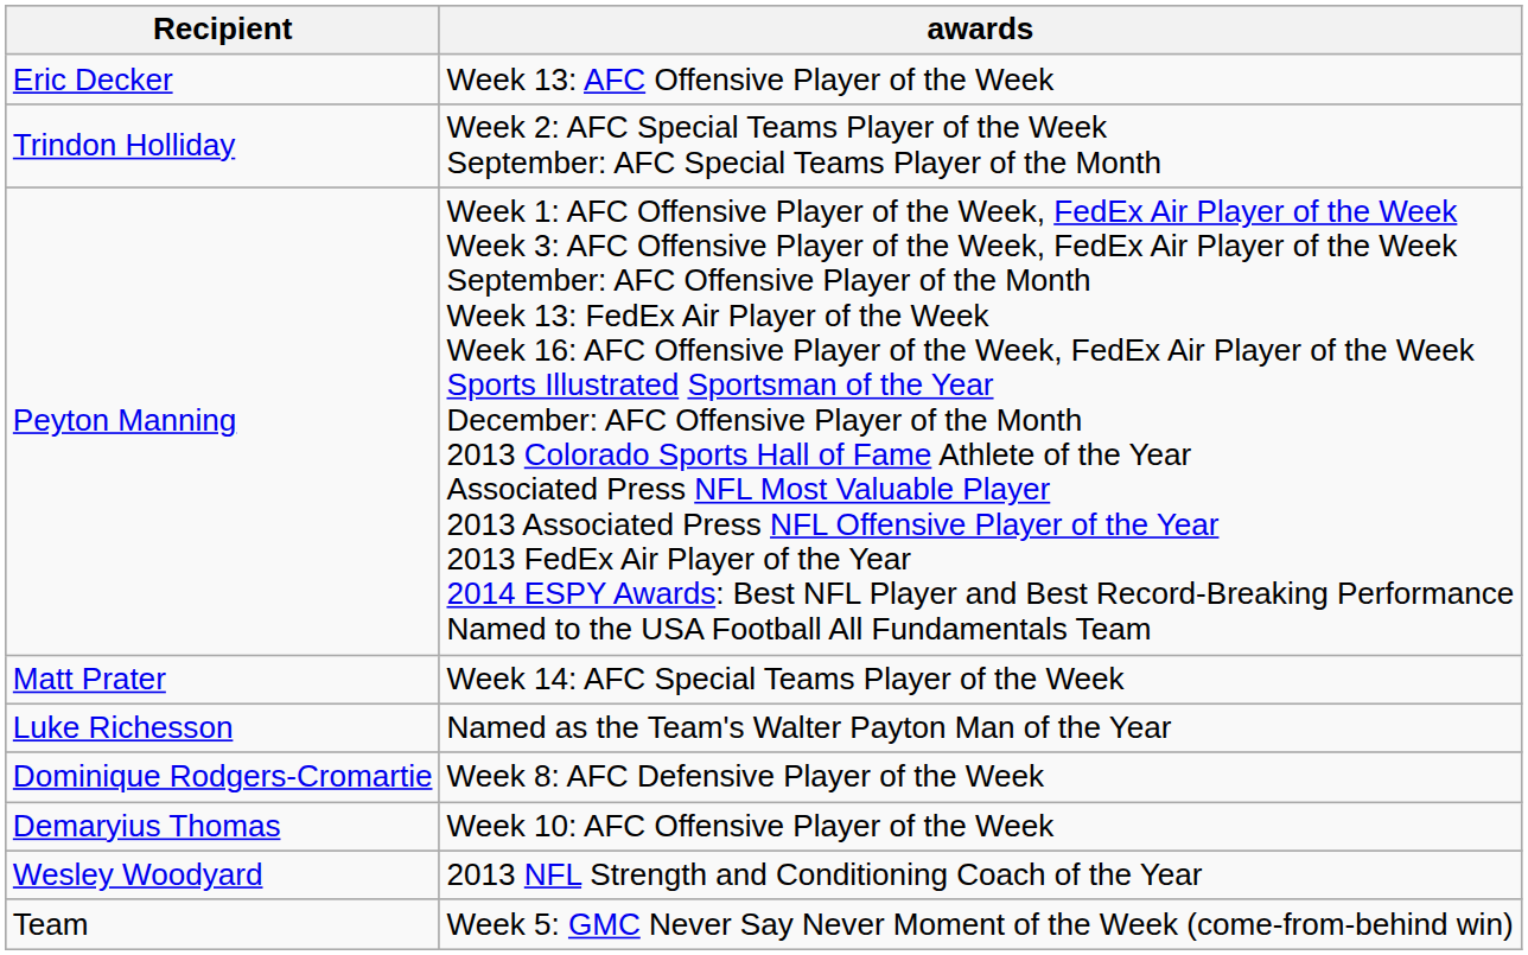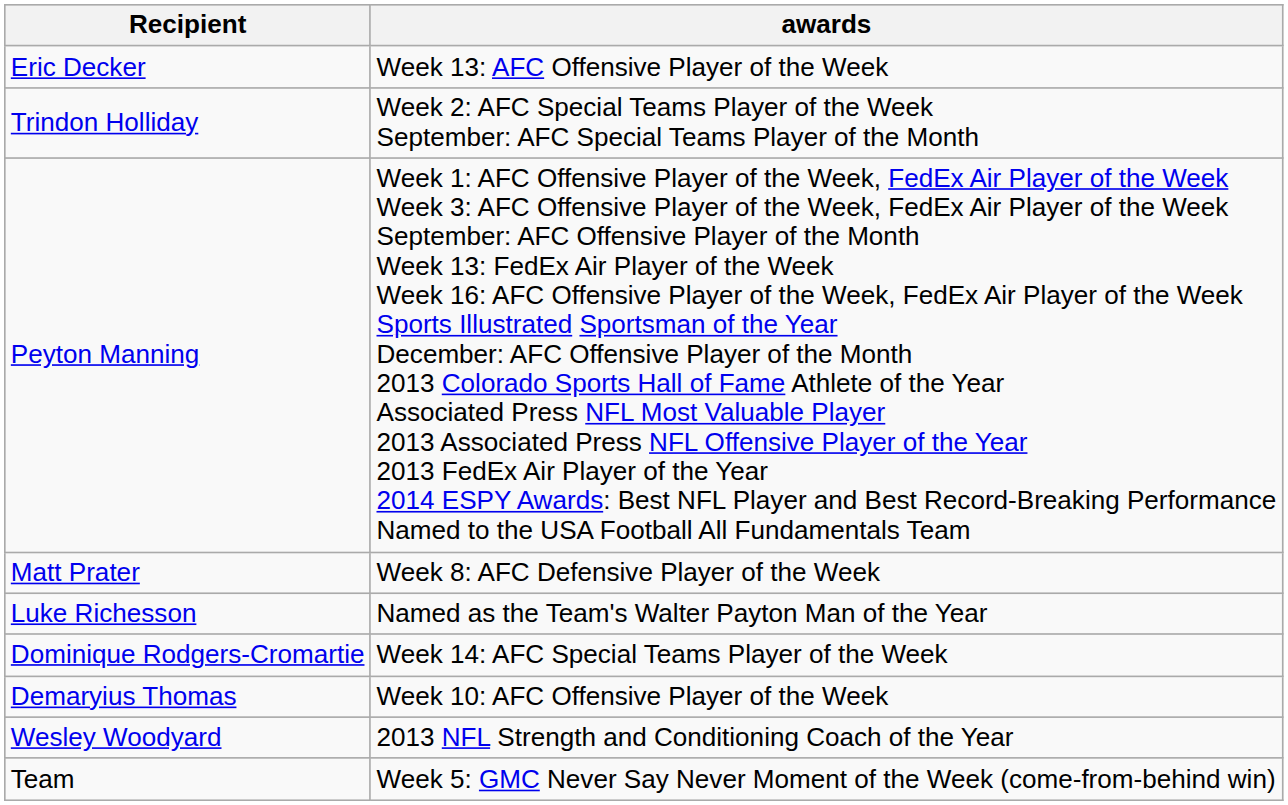 <table class="wikitable">
 <tr>
 <th>Recipient</th>
 <th>awards</th>
 </tr>
 <tr>
 <td><a href='#'>Eric Decker</a></td>
 <td>Week 13: <a href='#'>AFC</a> Offensive Player of the Week</td>
 </tr>
 <tr>
 <td><a href='#'>Trindon Holliday</a></td>
 <td>Week 2: AFC Special Teams Player of the Week<br>September: AFC Special Teams Player of the Month</td>
 </tr>
 <tr>
 <td><a href='#'>Peyton Manning</a></td>
 <td>Week 1: AFC Offensive Player of the Week, <a href='#'>FedEx Air Player of the Week</a><br>Week 3: AFC Offensive Player of the Week, FedEx Air Player of the Week<br>September: AFC Offensive Player of the Month<br>Week 13: FedEx Air Player of the Week<br>Week 16: AFC Offensive Player of the Week, FedEx Air Player of the Week<br><a href='#'>Sports Illustrated</a> <a href='#'>Sportsman of the Year</a><br>December: AFC Offensive Player of the Month<br>2013 <a href='#'>Colorado Sports Hall of Fame</a> Athlete of the Year<br> Associated Press <a href='#'>NFL Most Valuable Player</a><br>2013 Associated Press <a href='#'>NFL Offensive Player of the Year</a><br>2013 FedEx Air Player of the Year<br><a href='#'>2014 ESPY Awards</a>: Best NFL Player and Best Record-Breaking Performance<br>Named to the USA Football All Fundamentals Team</td>
 </tr>
 <tr>
 <td><a href='#'>Matt Prater</a></td>
-<td>Week 14: AFC Special Teams Player of the Week</td>
+<td>Week 8: AFC Defensive Player of the Week</td>
 </tr>
 <tr>
 <td><a href='#'>Luke Richesson</a></td>
 <td>Named as the Team's Walter Payton Man of the Year</td>
 </tr>
 <tr>
 <td><a href='#'>Dominique Rodgers-Cromartie</a></td>
-<td>Week 8: AFC Defensive Player of the Week</td>
+<td>Week 14: AFC Special Teams Player of the Week</td>
 </tr>
 <tr>
 <td><a href='#'>Demaryius Thomas</a></td>
 <td>Week 10: AFC Offensive Player of the Week</td>
 </tr>
 <tr>
 <td><a href='#'>Wesley Woodyard</a></td>
 <td>2013 <a href='#'>NFL</a> Strength and Conditioning Coach of the Year</td>
 </tr>
 <tr>
 <td>Team</td>
 <td>Week 5: <a href='#'>GMC</a> Never Say Never Moment of the Week (come-from-behind win)</td>
 </tr>
 </table>
